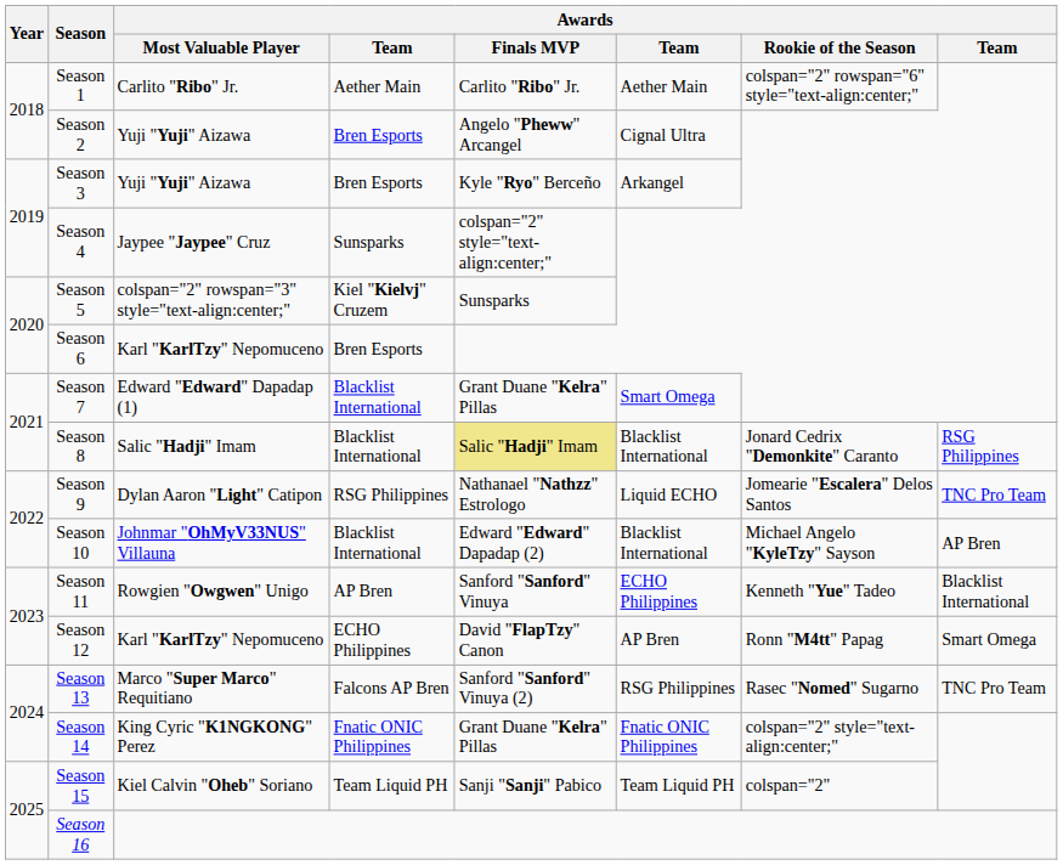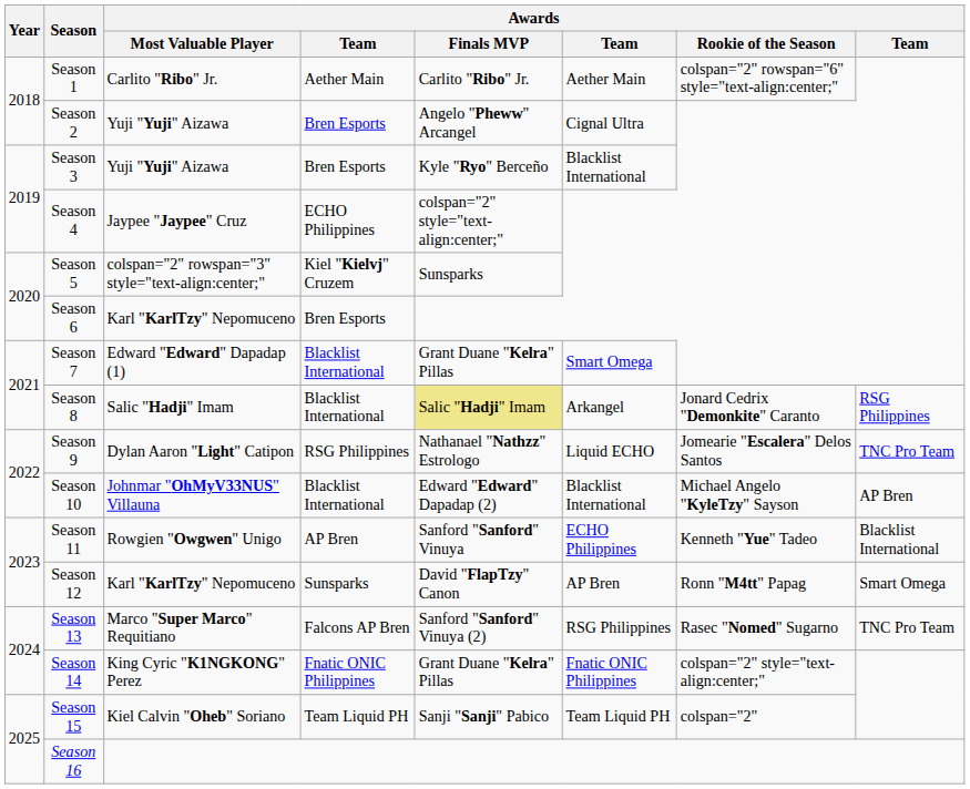 <table class="wikitable mw-collapsible" style="margin-left:auto; margin-right: auto; font-size:90%;">
 <tr>
 <th rowspan="2">Year</th>
 <th rowspan="2">Season</th>
 <th colspan="6">Awards</th>
 </tr>
 <tr>
 <th>Most Valuable Player</th>
 <th>Team</th>
 <th>Finals MVP</th>
 <th>Team</th>
 <th>Rookie of the Season</th>
 <th>Team</th>
 </tr>
 <tr>
 <td rowspan="2" style="text-align:center;">2018</td>
 <td style="text-align:center;">Season 1</td>
 <td>Carlito "<strong>Ribo</strong>" Jr.</td>
 <td>Aether Main</td>
 <td>Carlito "<strong>Ribo</strong>" Jr.</td>
 <td>Aether Main</td>
 <td>colspan="2" rowspan="6" style="text-align:center;" </td>
 </tr>
 <tr>
 <td style="text-align:center;">Season 2</td>
 <td>Yuji "<strong>Yuji</strong>" Aizawa</td>
 <td><a href='#'>Bren Esports</a></td>
 <td>Angelo "<strong>Pheww</strong>" Arcangel</td>
 <td>Cignal Ultra</td>
 </tr>
 <tr>
 <td rowspan="2" style="text-align:center;">2019</td>
 <td style="text-align:center;">Season 3</td>
 <td>Yuji "<strong>Yuji</strong>" Aizawa</td>
 <td>Bren Esports</td>
 <td>Kyle "<strong>Ryo</strong>" Berceño</td>
-<td>Arkangel</td>
+<td>Blacklist International</td>
 </tr>
 <tr>
 <td style="text-align:center;">Season 4</td>
 <td>Jaypee "<strong>Jaypee</strong>" Cruz</td>
-<td>Sunsparks</td>
+<td>ECHO Philippines</td>
 <td>colspan="2" style="text-align:center;" </td>
 </tr>
 <tr>
 <td rowspan="2">2020</td>
 <td style="text-align:center;">Season 5</td>
 <td>colspan="2" rowspan="3" style="text-align:center;" </td>
 <td>Kiel "<strong>Kielvj</strong>" Cruzem</td>
 <td>Sunsparks</td>
 </tr>
 <tr>
 <td style="text-align:center;">Season 6</td>
 <td>Karl "<strong>KarlTzy</strong>" Nepomuceno</td>
 <td>Bren Esports</td>
 </tr>
 <tr>
 <td rowspan="2">2021</td>
 <td style="text-align:center;">Season 7</td>
 <td>Edward "<strong>Edward</strong>" Dapadap (1)</td>
 <td><a href='#'>Blacklist International</a></td>
 <td>Grant Duane "<strong>Kelra</strong>" Pillas</td>
 <td><a href='#'>Smart Omega</a></td>
 </tr>
 <tr>
 <td style="text-align:center;">Season 8</td>
 <td>Salic "<strong>Hadji</strong>" Imam</td>
 <td>Blacklist International</td>
 <td style="background: khaki;">Salic "<strong>Hadji</strong>" Imam</td>
-<td>Blacklist International</td>
+<td>Arkangel</td>
 <td>Jonard Cedrix "<strong>Demonkite</strong>" Caranto</td>
 <td><a href='#'>RSG Philippines</a></td>
 </tr>
 <tr>
 <td rowspan="2">2022</td>
 <td style="text-align:center;">Season 9</td>
 <td>Dylan Aaron "<strong>Light</strong>" Catipon</td>
 <td>RSG Philippines</td>
 <td>Nathanael "<strong>Nathzz</strong>" Estrologo</td>
 <td>Liquid ECHO</td>
 <td>Jomearie "<strong>Escalera</strong>" Delos Santos</td>
 <td><a href='#'>TNC Pro Team</a></td>
 </tr>
 <tr>
 <td style="text-align:center;">Season 10</td>
 <td><a href='#'>Johnmar "<strong>OhMyV33NUS</strong>" Villauna</a></td>
 <td>Blacklist International</td>
 <td>Edward "<strong>Edward</strong>" Dapadap (2)</td>
 <td>Blacklist International</td>
 <td>Michael Angelo "<strong>KyleTzy</strong>" Sayson</td>
 <td>AP Bren</td>
 </tr>
 <tr>
 <td rowspan="2">2023</td>
 <td style="text-align:center;">Season 11</td>
 <td>Rowgien "<strong>Owgwen</strong>" Unigo</td>
 <td>AP Bren</td>
 <td>Sanford "<strong>Sanford</strong>" Vinuya</td>
 <td><a href='#'>ECHO Philippines</a></td>
 <td>Kenneth "<strong>Yue</strong>" Tadeo</td>
 <td>Blacklist International</td>
 </tr>
 <tr>
 <td style="text-align:center;">Season 12</td>
 <td>Karl "<strong>KarlTzy</strong>" Nepomuceno</td>
-<td>ECHO Philippines</td>
+<td>Sunsparks</td>
 <td>David "<strong>FlapTzy</strong>" Canon</td>
 <td>AP Bren</td>
 <td>Ronn "<strong>M4tt</strong>" Papag</td>
 <td>Smart Omega</td>
 </tr>
 <tr>
 <td rowspan="2">2024</td>
 <td style="text-align:center;"><a href='#'>Season 13</a></td>
 <td>Marco "<strong>Super Marco</strong>" Requitiano</td>
 <td>Falcons AP Bren</td>
 <td>Sanford "<strong>Sanford</strong>" Vinuya (2)</td>
 <td>RSG Philippines</td>
 <td>Rasec "<strong>Nomed</strong>" Sugarno</td>
 <td>TNC Pro Team</td>
 </tr>
 <tr>
 <td style="text-align:center;"><a href='#'>Season 14</a></td>
 <td>King Cyric "<strong>K1NGKONG</strong>" Perez</td>
 <td><a href='#'>Fnatic ONIC Philippines</a></td>
 <td>Grant Duane "<strong>Kelra</strong>" Pillas</td>
 <td><a href='#'>Fnatic ONIC Philippines</a></td>
 <td>colspan="2" style="text-align:center;"</td>
 </tr>
 <tr>
 <td rowspan="2">2025</td>
 <td style="text-align:center;"><a href='#'>Season 15</a></td>
 <td>Kiel Calvin "<strong>Oheb</strong>" Soriano</td>
 <td>Team Liquid PH</td>
 <td>Sanji "<strong>Sanji</strong>" Pabico</td>
 <td>Team Liquid PH</td>
 <td>colspan="2" </td>
 </tr>
 <tr>
 <td style="text-align:center;"><a href='#'><em>Season 16</em></a></td>
 <td colspan="6"></td>
 </tr>
 </table>
